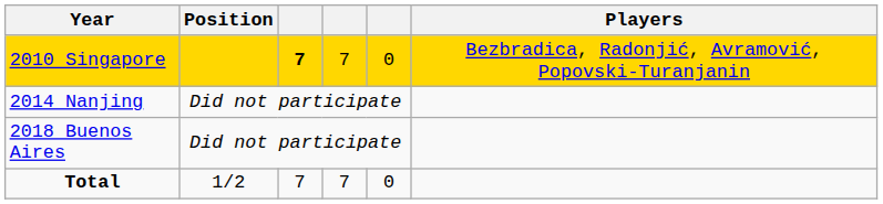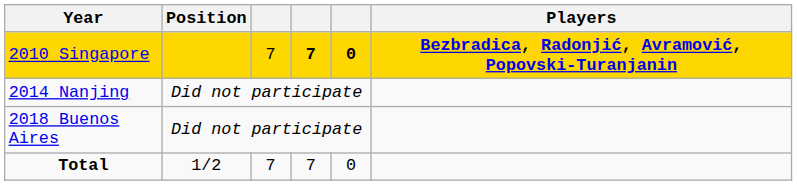 <table class="wikitable" style="text-align: center;">
 <tr>
 <th>Year</th>
 <th>Position</th>
 <th width=25px></th>
 <th width=25px></th>
 <th width=25px></th>
 <th>Players</th>
 </tr>
 <tr bgcolor="#FFD700">
 <td style="text-align: left;"> <a href='#'>2010 Singapore</a></td>
 <td></td>
+<td>7</td>
 <td><strong>7</strong></td>
-<td>7</td>
-<td>0</td>
-<td><a href='#'>Bezbradica</a>, <a href='#'>Radonjić</a>, <a href='#'>Avramović</a>, <a href='#'>Popovski-Turanjanin</a></td>
+<td><strong>0</strong></td>
+<td><strong><a href='#'>Bezbradica</a>, <a href='#'>Radonjić</a>, <a href='#'>Avramović</a>, <a href='#'>Popovski-Turanjanin</a></strong></td>
 </tr>
 <tr>
 <td style="text-align: left;"> <a href='#'>2014 Nanjing</a></td>
 <td colspan=4><em>Did not participate</em></td>
 <td></td>
 </tr>
 <tr>
 <td style="text-align: left;"> <a href='#'>2018 Buenos Aires</a></td>
 <td colspan=4><em>Did not participate</em></td>
 <td></td>
 </tr>
 <tr>
 <td><strong>Total</strong></td>
 <td>1/2</td>
 <td>7</td>
 <td>7</td>
 <td>0</td>
 <td></td>
 </tr>
 </table>
